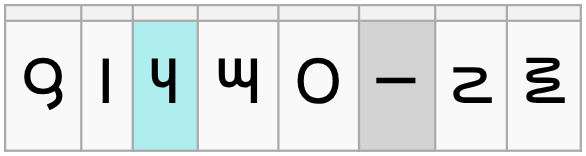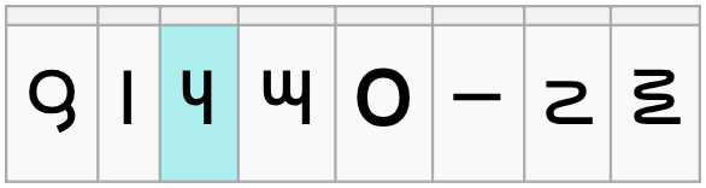 <table class="wikitable" style="text-align:center; font-size:200%;">
 <tr style="font-size:50%">
 <th></th>
 <th></th>
 <th></th>
 <th></th>
 <th></th>
 <th></th>
 <th></th>
 <th></th>
 </tr>
 <tr>
 <td>౸</td>
 <td>౹</td>
 <td style="background: paleturquoise;">౺</td>
 <td>౻</td>
-<td>౦</td>
-<td style="background: lightgrey;">౼</td>
+<td><strong>౦</strong></td>
+<td>౼</td>
 <td>౽</td>
 <td>౾</td>
 </tr>
 </table>
